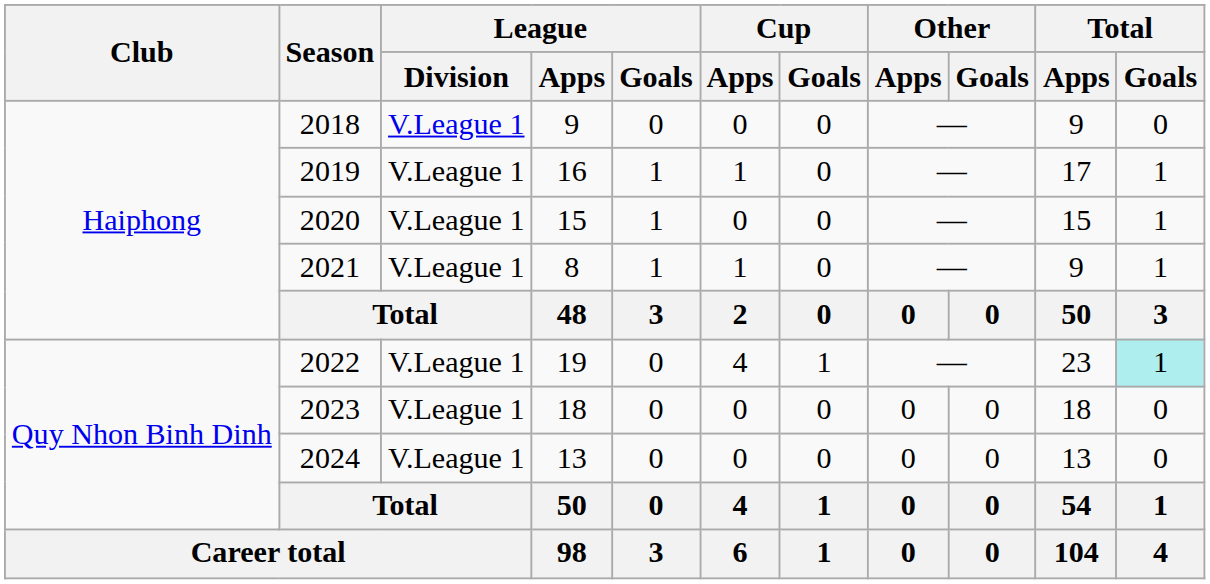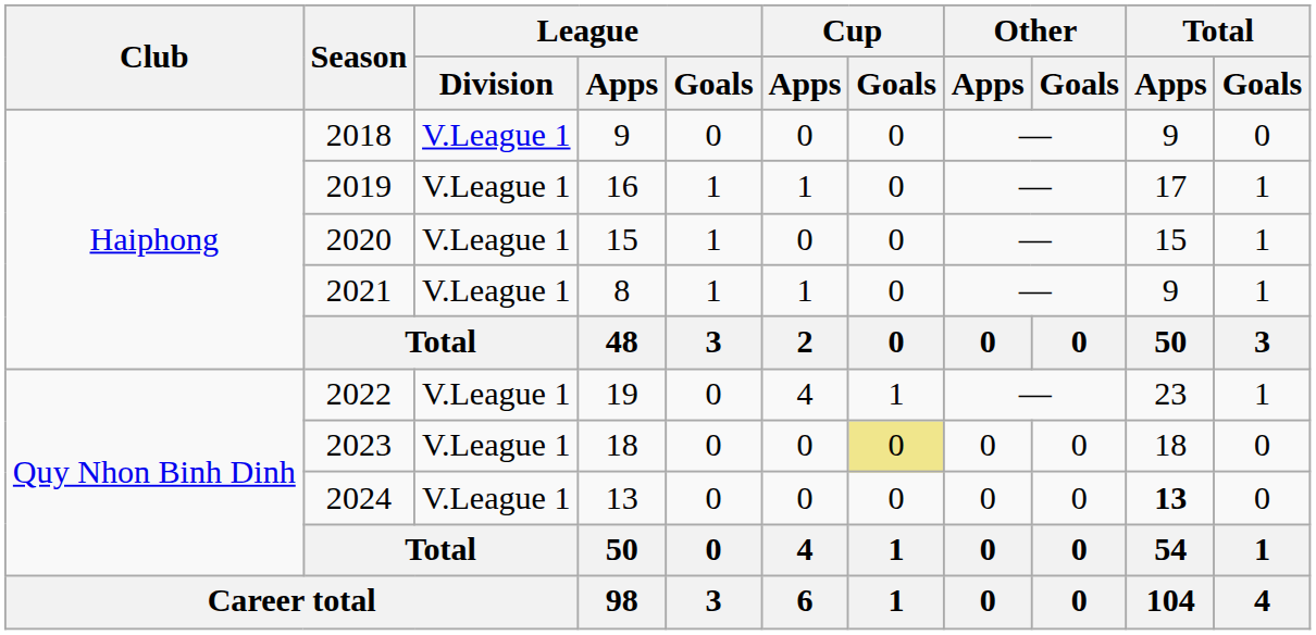 <table class="wikitable" style="text-align: center">
 <tr>
 <th rowspan="2">Club</th>
 <th rowspan="2">Season</th>
 <th colspan="3">League</th>
 <th colspan="2">Cup</th>
 <th colspan="2">Other</th>
 <th colspan="2">Total</th>
 </tr>
 <tr>
 <th>Division</th>
 <th>Apps</th>
 <th>Goals</th>
 <th>Apps</th>
 <th>Goals</th>
 <th>Apps</th>
 <th>Goals</th>
 <th>Apps</th>
 <th>Goals</th>
 </tr>
 <tr>
 <td rowspan="5"><a href='#'>Haiphong</a></td>
 <td>2018</td>
 <td><a href='#'>V.League 1</a></td>
 <td>9</td>
 <td>0</td>
 <td>0</td>
 <td>0</td>
 <td colspan="2">—</td>
 <td>9</td>
 <td>0</td>
 </tr>
 <tr>
 <td>2019</td>
 <td>V.League 1</td>
 <td>16</td>
 <td>1</td>
 <td>1</td>
 <td>0</td>
 <td colspan="2">—</td>
 <td>17</td>
 <td>1</td>
 </tr>
 <tr>
 <td>2020</td>
 <td>V.League 1</td>
 <td>15</td>
 <td>1</td>
 <td>0</td>
 <td>0</td>
 <td colspan="2">—</td>
 <td>15</td>
 <td>1</td>
 </tr>
 <tr>
 <td>2021</td>
 <td>V.League 1</td>
 <td>8</td>
 <td>1</td>
 <td>1</td>
 <td>0</td>
 <td colspan="2">—</td>
 <td>9</td>
 <td>1</td>
 </tr>
 <tr>
 <th colspan="2">Total</th>
 <th>48</th>
 <th>3</th>
 <th>2</th>
 <th>0</th>
 <th>0</th>
 <th>0</th>
 <th>50</th>
 <th>3</th>
 </tr>
 <tr>
 <td rowspan="4"><a href='#'>Quy Nhon Binh Dinh</a></td>
 <td>2022</td>
 <td>V.League 1</td>
 <td>19</td>
 <td>0</td>
 <td>4</td>
 <td>1</td>
 <td colspan="2">—</td>
 <td>23</td>
-<td style="background: paleturquoise;">1</td>
+<td>1</td>
 </tr>
 <tr>
 <td>2023</td>
 <td>V.League 1</td>
 <td>18</td>
 <td>0</td>
 <td>0</td>
-<td>0</td>
+<td style="background: khaki;">0</td>
 <td>0</td>
 <td>0</td>
 <td>18</td>
 <td>0</td>
 </tr>
 <tr>
 <td>2024</td>
 <td>V.League 1</td>
 <td>13</td>
 <td>0</td>
 <td>0</td>
 <td>0</td>
 <td>0</td>
 <td>0</td>
-<td>13</td>
+<td><strong>13</strong></td>
 <td>0</td>
 </tr>
 <tr>
 <th colspan="2">Total</th>
 <th>50</th>
 <th>0</th>
 <th>4</th>
 <th>1</th>
 <th>0</th>
 <th>0</th>
 <th>54</th>
 <th>1</th>
 </tr>
 <tr>
 <th colspan="3">Career total</th>
 <th>98</th>
 <th>3</th>
 <th>6</th>
 <th>1</th>
 <th>0</th>
 <th>0</th>
 <th>104</th>
 <th>4</th>
 </tr>
 </table>
